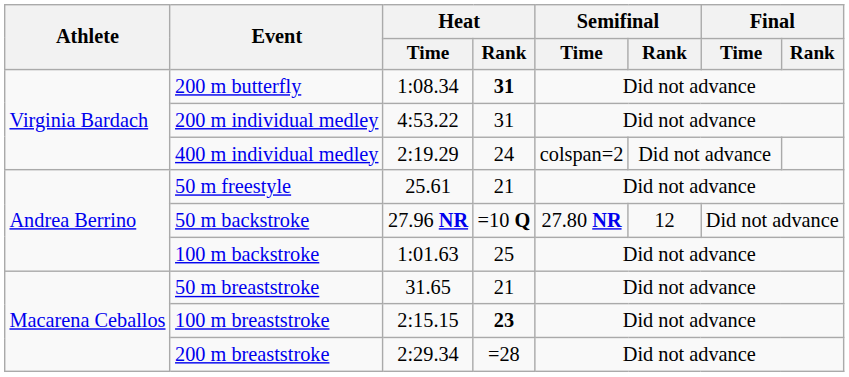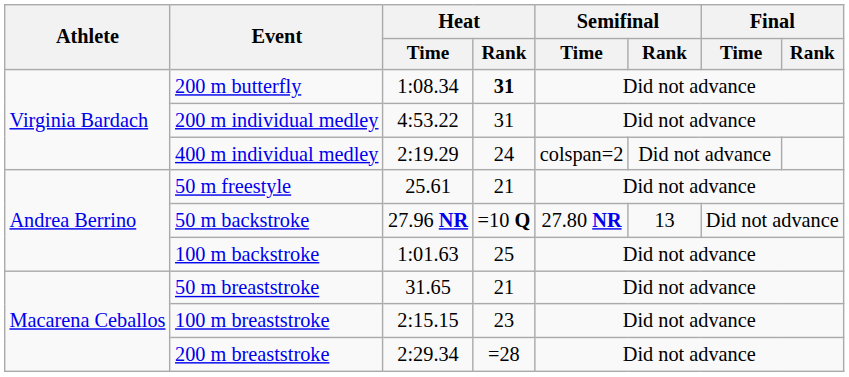 <table class=wikitable style=font-size:90%>
 <tr>
 <th rowspan=2>Athlete</th>
 <th rowspan=2>Event</th>
 <th colspan=2>Heat</th>
 <th colspan=2>Semifinal</th>
 <th colspan=2>Final</th>
 </tr>
 <tr style=font-size:95%>
 <th>Time</th>
 <th>Rank</th>
 <th>Time</th>
 <th>Rank</th>
 <th>Time</th>
 <th>Rank</th>
 </tr>
 <tr align=center>
 <td align=left rowspan=3><a href='#'>Virginia Bardach</a></td>
 <td align=left><a href='#'>200 m butterfly</a></td>
 <td>1:08.34</td>
 <td><strong>31</strong></td>
 <td colspan=4>Did not advance</td>
 </tr>
 <tr align=center>
 <td align=left><a href='#'>200 m individual medley</a></td>
 <td>4:53.22</td>
 <td>31</td>
 <td colspan=4>Did not advance</td>
 </tr>
 <tr align=center>
 <td align=left><a href='#'>400 m individual medley</a></td>
 <td>2:19.29</td>
 <td>24</td>
 <td>colspan=2 </td>
 <td colspan=2>Did not advance</td>
 </tr>
 <tr align=center>
 <td align=left rowspan=3><a href='#'>Andrea Berrino</a></td>
 <td align=left><a href='#'>50 m freestyle</a></td>
 <td>25.61</td>
 <td>21</td>
 <td colspan=4>Did not advance</td>
 </tr>
 <tr align=center>
 <td align=left><a href='#'>50 m backstroke</a></td>
 <td>27.96 <strong><a href='#'>NR</a></strong></td>
 <td>=10 <strong>Q</strong></td>
 <td>27.80 <strong><a href='#'>NR</a></strong></td>
-<td>12</td>
+<td>13</td>
 <td colspan=2>Did not advance</td>
 </tr>
 <tr align=center>
 <td align=left><a href='#'>100 m backstroke</a></td>
 <td>1:01.63</td>
 <td>25</td>
 <td colspan=4>Did not advance</td>
 </tr>
 <tr align=center>
 <td align=left rowspan=3><a href='#'>Macarena Ceballos</a></td>
 <td align=left><a href='#'>50 m breaststroke</a></td>
 <td>31.65</td>
 <td>21</td>
 <td colspan=4>Did not advance</td>
 </tr>
 <tr align=center>
 <td align=left><a href='#'>100 m breaststroke</a></td>
 <td>2:15.15</td>
-<td><strong>23</strong></td>
+<td>23</td>
 <td colspan=4>Did not advance</td>
 </tr>
 <tr align=center>
 <td align=left><a href='#'>200 m breaststroke</a></td>
 <td>2:29.34</td>
 <td>=28</td>
 <td colspan=4>Did not advance</td>
 </tr>
 </table>
